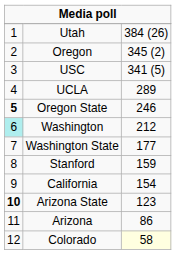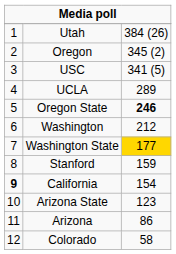 <table class="wikitable mw-collapsible mw-collapsed" style="display: inline-table;">
 <tr>
 <td align="center" Colspan="3"><strong>Media poll</strong></td>
 </tr>
 <tr align="center">
 </tr>
 <tr align="center">
 <td>1</td>
 <td>Utah</td>
 <td>384 (26)</td>
 </tr>
 <tr align="center">
 <td>2</td>
 <td>Oregon</td>
 <td>345 (2)</td>
 </tr>
 <tr align="center">
 <td>3</td>
 <td>USC</td>
 <td>341 (5)</td>
 </tr>
 <tr align="center">
 <td>4</td>
 <td>UCLA</td>
 <td>289</td>
 </tr>
 <tr align="center">
-<td><strong>5</strong></td>
+<td>5</td>
 <td>Oregon State</td>
-<td>246</td>
+<td><strong>246</strong></td>
 </tr>
 <tr align="center">
-<td style="background: paleturquoise;">6</td>
+<td>6</td>
 <td>Washington</td>
 <td>212</td>
 </tr>
 <tr align="center">
 <td>7</td>
 <td>Washington State</td>
-<td>177</td>
+<td style="background: gold;">177</td>
 </tr>
 <tr align="center">
 <td>8</td>
 <td>Stanford</td>
 <td>159</td>
 </tr>
 <tr align="center">
-<td>9</td>
+<td><strong>9</strong></td>
 <td>California</td>
 <td>154</td>
 </tr>
 <tr align="center">
-<td><strong>10</strong></td>
+<td>10</td>
 <td>Arizona State</td>
 <td>123</td>
 </tr>
 <tr align="center">
 <td>11</td>
 <td>Arizona</td>
 <td>86</td>
 </tr>
 <tr align="center">
 <td>12</td>
 <td>Colorado</td>
-<td style="background: lightyellow;">58</td>
+<td>58</td>
 </tr>
 </table>
